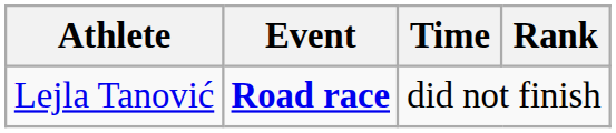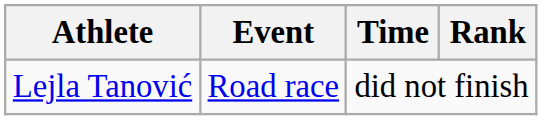 <table class="wikitable" style="text-align:center; font-size:90%">
 <tr>
 <th>Athlete</th>
 <th>Event</th>
 <th>Time</th>
 <th>Rank</th>
 </tr>
 <tr>
 <td rowspan=2 align=left><a href='#'>Lejla Tanović</a></td>
-<td align=left><strong><a href='#'>Road race</a></strong></td>
+<td align=left><a href='#'>Road race</a></td>
 <td colspan=2>did not finish</td>
 </tr>
 </table>
